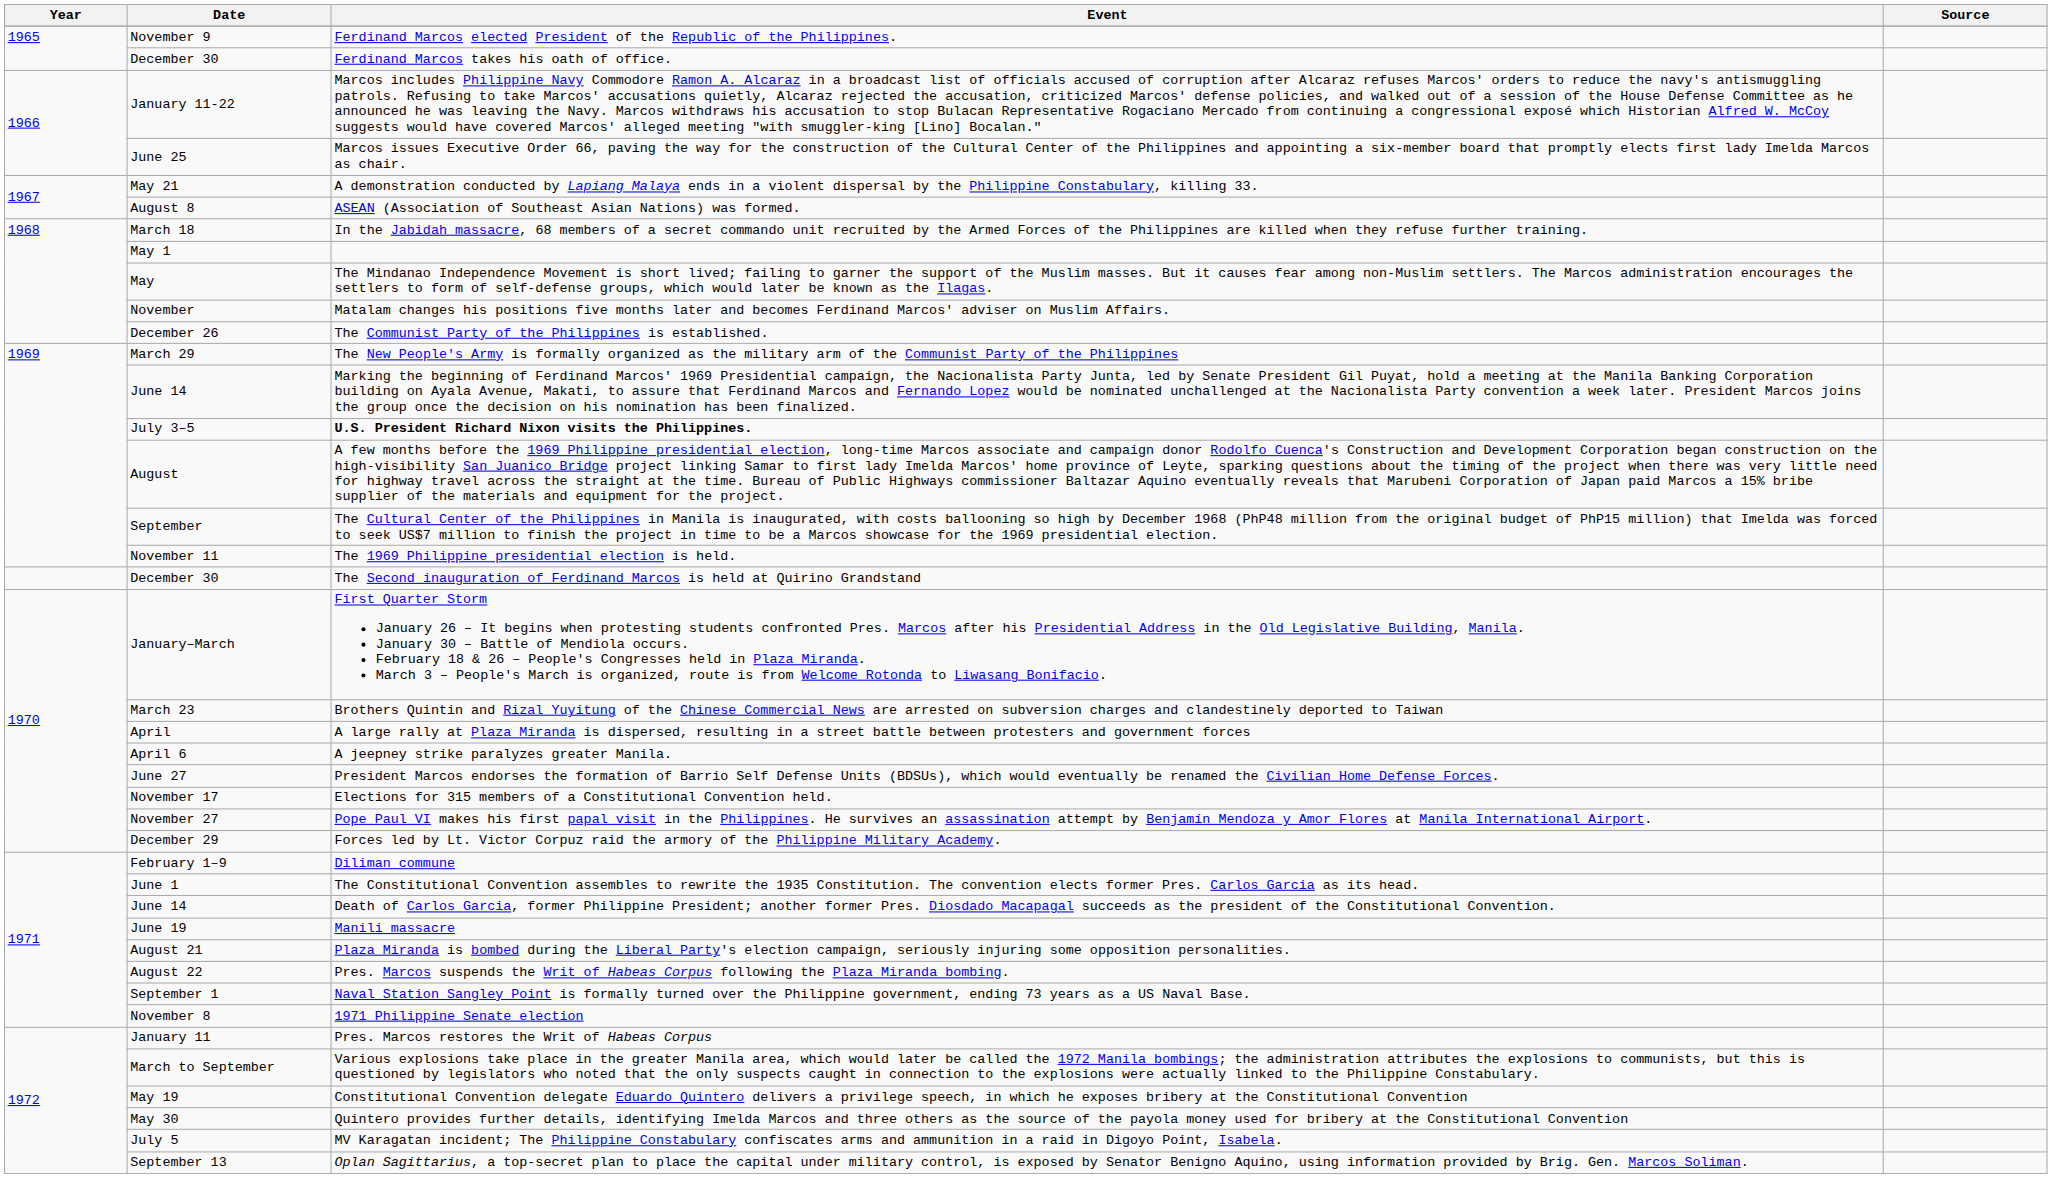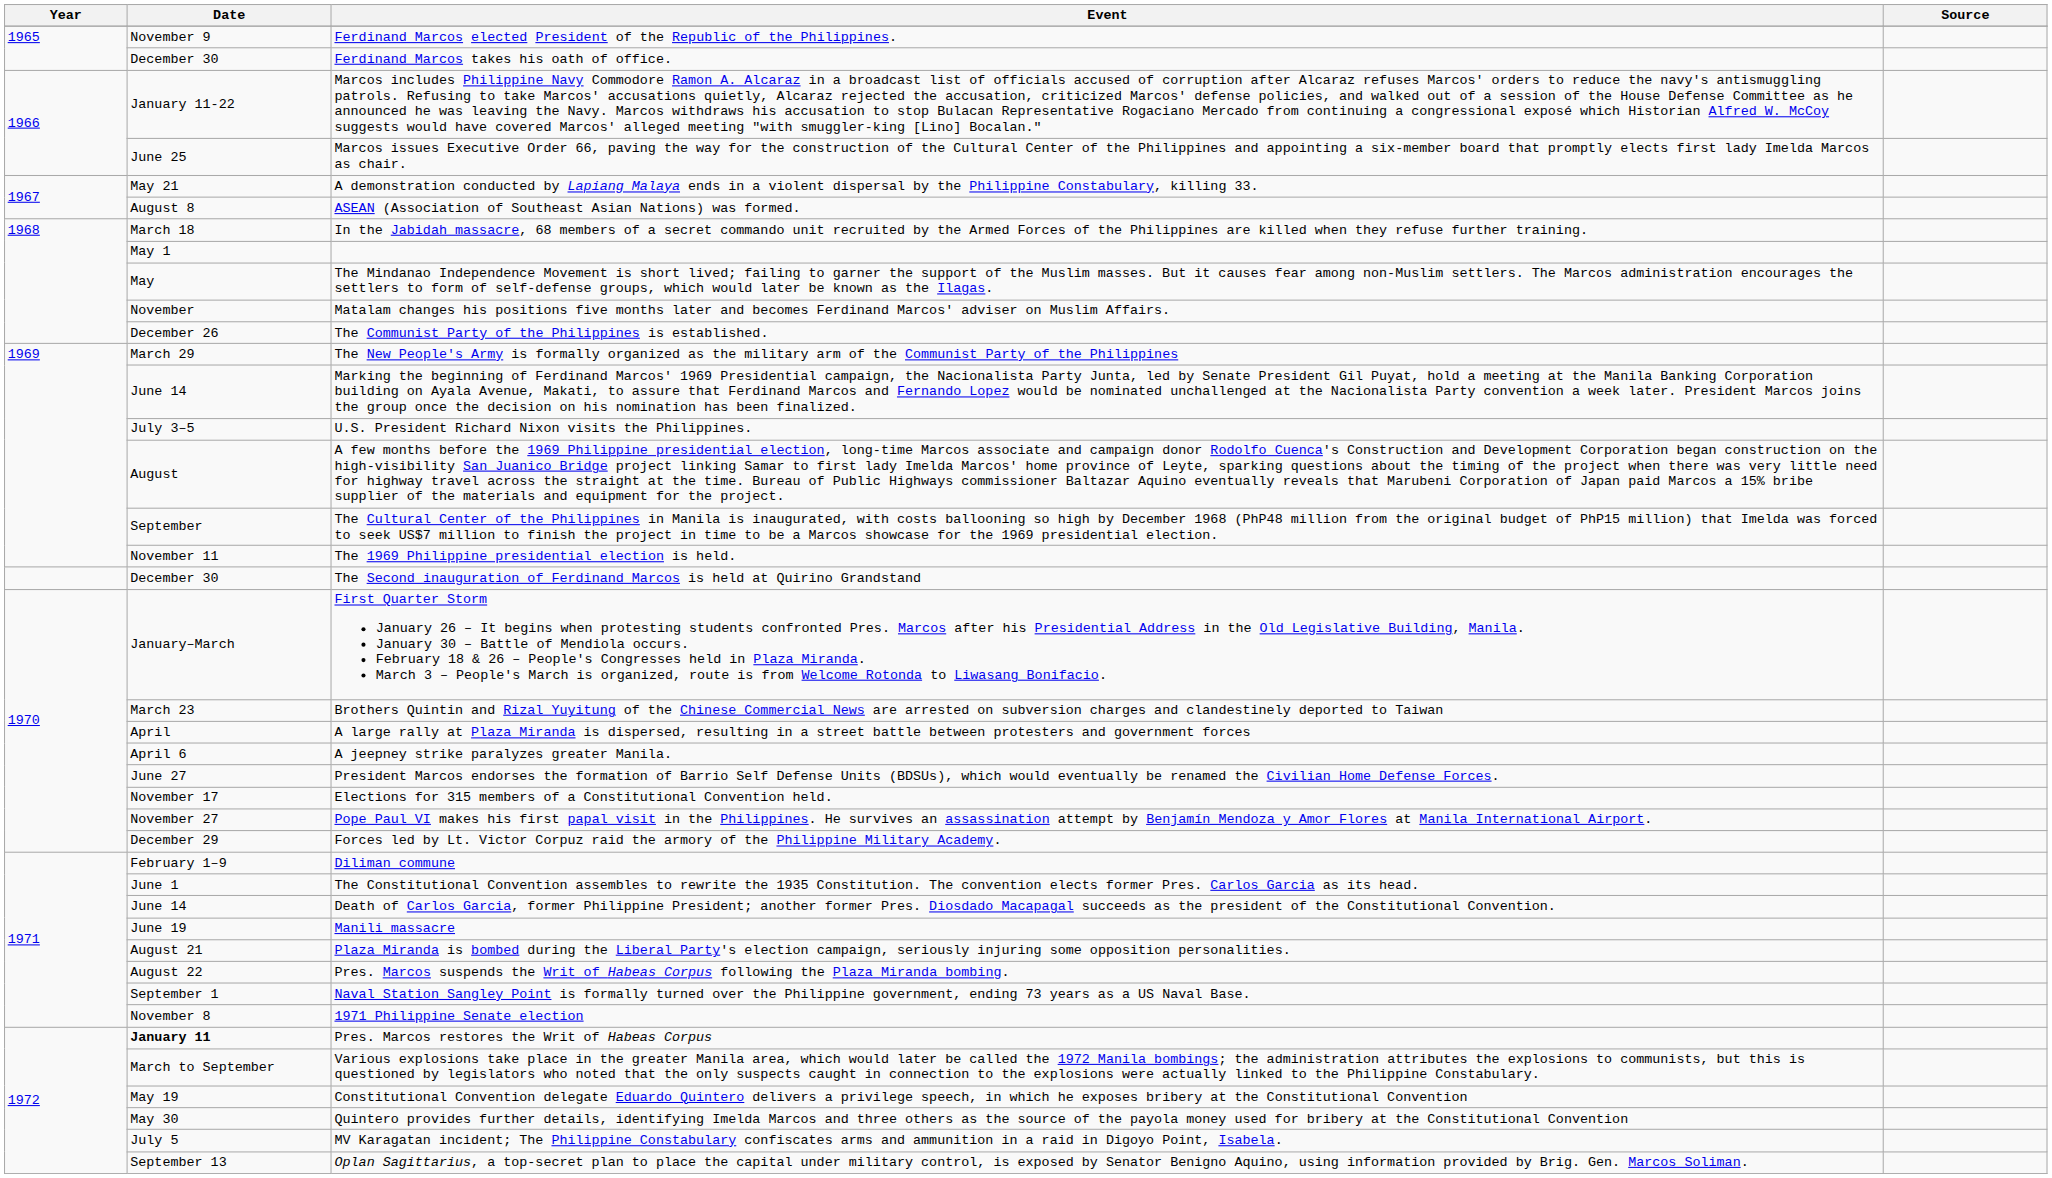 <table class="wikitable" width="100%">
 <tr>
 <th style="width:6%">Year</th>
 <th style="width:10%">Date</th>
 <th>Event</th>
 <th style="width:8%">Source</th>
 </tr>
 <tr>
 </tr>
 <tr>
 <td rowspan="2" valign="top"><a href='#'>1965</a></td>
 <td>November 9</td>
 <td><a href='#'>Ferdinand Marcos</a> <a href='#'>elected</a> <a href='#'>President</a> of the <a href='#'>Republic of the Philippines</a>.</td>
 <td></td>
 </tr>
 <tr>
 <td>December 30</td>
 <td><a href='#'>Ferdinand Marcos</a> takes his oath of office.</td>
 <td></td>
 </tr>
 <tr>
 <td rowspan="2"><a href='#'>1966</a></td>
 <td>January 11-22</td>
 <td>Marcos includes <a href='#'>Philippine Navy</a> Commodore <a href='#'>Ramon A. Alcaraz</a> in a broadcast list of officials accused of corruption after Alcaraz refuses Marcos' orders to reduce the navy's antismuggling patrols.  Refusing to take Marcos' accusations quietly, Alcaraz rejected the accusation, criticized Marcos' defense policies, and walked out of a session of the House Defense Committee as he announced he was leaving the Navy.  Marcos withdraws his accusation to stop Bulacan Representative Rogaciano Mercado from continuing a congressional exposé which Historian <a href='#'>Alfred W. McCoy</a> suggests would have covered Marcos' alleged meeting "with smuggler-king [Lino] Bocalan."</td>
 <td></td>
 </tr>
 <tr>
 <td>June 25</td>
 <td>Marcos issues Executive Order 66, paving the way for the construction of the Cultural Center of the Philippines and appointing a six-member board that promptly elects first lady Imelda Marcos as chair.</td>
 <td></td>
 </tr>
 <tr>
 <td rowspan="2"><a href='#'>1967</a></td>
 <td>May 21</td>
 <td>A demonstration conducted by <em><a href='#'>Lapiang Malaya</a></em> ends in a violent dispersal by the <a href='#'>Philippine Constabulary</a>, killing 33.</td>
 <td></td>
 </tr>
 <tr>
 <td>August 8</td>
 <td><a href='#'>ASEAN</a> (Association of Southeast Asian Nations) was formed.</td>
 <td></td>
 </tr>
 <tr>
 <td rowspan="5" valign="top"><a href='#'>1968</a></td>
 <td>March 18</td>
 <td>In the <a href='#'>Jabidah massacre</a>, 68 members of a secret commando unit recruited by the Armed Forces of the Philippines are killed when they refuse further training.</td>
 <td></td>
 </tr>
 <tr>
 <td>May 1</td>
 <td Two months after the ></td>
 </tr>
 <tr>
 <td>May</td>
 <td>The Mindanao Independence Movement is short lived; failing to garner the support of the Muslim masses. But it causes fear among non-Muslim settlers. The Marcos administration encourages the settlers to form of self-defense groups, which would later be known as the <a href='#'>Ilagas</a>.</td>
 <td></td>
 </tr>
 <tr>
 <td>November</td>
 <td>Matalam changes his positions five months later and becomes Ferdinand Marcos' adviser on Muslim Affairs.</td>
 <td></td>
 </tr>
 <tr>
 <td>December 26</td>
 <td>The <a href='#'>Communist Party of the Philippines</a> is established.</td>
 <td><br></td>
 </tr>
 <tr>
 <td rowspan="6" valign="top"><a href='#'>1969</a></td>
 <td>March 29</td>
 <td>The <a href='#'>New People's Army</a> is formally organized as the military arm of the <a href='#'>Communist Party of the Philippines</a></td>
 <td><br></td>
 </tr>
 <tr>
 <td>June 14</td>
 <td>Marking the beginning of Ferdinand Marcos' 1969 Presidential campaign, the Nacionalista Party Junta, led by Senate President Gil Puyat, hold a meeting at the Manila Banking Corporation building on Ayala Avenue, Makati, to assure that Ferdinand Marcos and <a href='#'>Fernando Lopez</a> would be nominated unchallenged at the Nacionalista Party convention a week later. President Marcos joins the group once the decision on his nomination has been finalized.</td>
 <td></td>
 </tr>
 <tr>
 <td>July 3–5</td>
-<td><strong>U.S. President Richard Nixon visits the Philippines.</strong></td>
+<td>U.S. President Richard Nixon visits the Philippines.</td>
 <td></td>
 </tr>
 <tr>
 <td>August</td>
 <td>A few months before the <a href='#'>1969 Philippine presidential election</a>, long-time Marcos associate and campaign donor <a href='#'>Rodolfo Cuenca</a>'s Construction and Development Corporation began construction on the high-visibility <a href='#'>San Juanico Bridge</a> project linking Samar to first lady Imelda Marcos' home province of Leyte, sparking questions about the timing of the project when there was very little need for highway travel across the straight at the time. Bureau of Public Highways commissioner Baltazar Aquino eventually reveals that Marubeni Corporation of Japan paid Marcos a 15% bribe supplier of the materials and equipment for the project.</td>
 <td>  </td>
 </tr>
 <tr>
 <td>September</td>
 <td>The <a href='#'>Cultural Center of the Philippines</a> in Manila is inaugurated, with costs ballooning so high by December 1968 (PhP48 million from the original budget of PhP15 million) that Imelda was forced to seek US$7 million to finish the project in time to be a Marcos showcase for the 1969 presidential election.</td>
 <td><br></td>
 </tr>
 <tr>
 <td>November 11</td>
 <td>The <a href='#'>1969 Philippine presidential election</a> is held.</td>
 <td></td>
 </tr>
 <tr>
 <td></td>
 <td>December 30</td>
 <td>The <a href='#'>Second inauguration of Ferdinand Marcos</a> is held at Quirino Grandstand</td>
 <td></td>
 </tr>
 <tr>
 <td rowspan="8"><a href='#'>1970</a></td>
 <td>January–March</td>
 <td><a href='#'>First Quarter Storm</a><br><ul><li>January 26 – It begins when protesting students confronted Pres. <a href='#'>Marcos</a> after his <a href='#'>Presidential Address</a> in the <a href='#'>Old Legislative Building</a>, <a href='#'>Manila</a>.</li><li>January 30 – Battle of Mendiola occurs.</li><li>February 18 & 26 – People's Congresses held in <a href='#'>Plaza Miranda</a>.</li><li>March 3 – People's March is organized, route is from <a href='#'>Welcome Rotonda</a> to <a href='#'>Liwasang Bonifacio</a>.</li></ul></td>
 <td></td>
 </tr>
 <tr>
 <td>March 23</td>
 <td>Brothers Quintin and <a href='#'>Rizal Yuyitung</a> of the <a href='#'>Chinese Commercial News</a> are arrested on subversion charges and clandestinely deported to Taiwan</td>
 <td></td>
 </tr>
 <tr>
 <td>April</td>
 <td>A large rally at <a href='#'>Plaza Miranda</a> is dispersed, resulting in a street battle between protesters and government forces</td>
 <td></td>
 </tr>
 <tr>
 <td>April 6</td>
 <td>A jeepney strike paralyzes greater Manila.</td>
 <td></td>
 </tr>
 <tr>
 <td>June 27</td>
 <td>President Marcos endorses the formation of Barrio Self Defense Units (BDSUs), which would eventually be renamed the <a href='#'>Civilian Home Defense Forces</a>.</td>
 <td></td>
 </tr>
 <tr>
 <td>November 17</td>
 <td>Elections for 315 members of a Constitutional Convention held.</td>
 <td></td>
 </tr>
 <tr>
 <td>November 27</td>
 <td><a href='#'>Pope Paul VI</a> makes his first <a href='#'>papal visit</a> in the <a href='#'>Philippines</a>. He survives an <a href='#'>assassination</a> attempt by <a href='#'>Benjamín Mendoza y Amor Flores</a> at <a href='#'>Manila International Airport</a>.</td>
 <td></td>
 </tr>
 <tr>
 <td>December 29</td>
 <td>Forces led by Lt. Victor Corpuz raid the armory of the <a href='#'>Philippine Military Academy</a>.</td>
 <td></td>
 </tr>
 <tr>
 <td rowspan="8"><a href='#'>1971</a></td>
 <td>February 1–9</td>
 <td><a href='#'>Diliman commune</a></td>
 <td></td>
 </tr>
 <tr>
 <td>June 1</td>
 <td>The Constitutional Convention assembles to rewrite the 1935 Constitution. The convention elects former Pres. <a href='#'>Carlos Garcia</a> as its head.</td>
 <td><br></td>
 </tr>
 <tr>
 <td>June 14</td>
 <td>Death of <a href='#'>Carlos Garcia</a>, former Philippine President; another former Pres. <a href='#'>Diosdado Macapagal</a> succeeds as the president of the Constitutional Convention.</td>
 <td></td>
 </tr>
 <tr>
 <td>June 19</td>
 <td><a href='#'>Manili massacre</a></td>
 <td></td>
 </tr>
 <tr>
 <td>August 21</td>
 <td><a href='#'>Plaza Miranda</a> is <a href='#'>bombed</a> during the <a href='#'>Liberal Party</a>'s election campaign, seriously injuring some opposition personalities.</td>
 <td></td>
 </tr>
 <tr>
 <td>August 22</td>
 <td>Pres. <a href='#'>Marcos</a> suspends the <a href='#'>Writ of <em>Habeas Corpus</em></a> following the <a href='#'>Plaza Miranda bombing</a>.</td>
 <td></td>
 </tr>
 <tr>
 <td>September 1</td>
 <td><a href='#'>Naval Station Sangley Point</a> is formally turned over the Philippine government, ending 73 years as a US Naval Base.</td>
 <td></td>
 </tr>
 <tr>
 <td>November 8</td>
 <td><a href='#'>1971 Philippine Senate election</a></td>
 <td></td>
 </tr>
 <tr>
 <td rowspan="6"><a href='#'>1972</a></td>
-<td>January 11</td>
+<td><strong>January 11</strong></td>
 <td>Pres. Marcos restores the Writ of <em>Habeas Corpus</em></td>
 <td></td>
 </tr>
 <tr>
 <td>March to September</td>
 <td>Various explosions take place in the greater Manila area, which would later be called the <a href='#'>1972 Manila bombings</a>; the administration attributes the explosions to communists, but this is questioned by legislators who noted that the only suspects caught in connection to the explosions were actually linked to the Philippine Constabulary.</td>
 <td></td>
 </tr>
 <tr>
 <td>May 19</td>
 <td>Constitutional Convention delegate <a href='#'>Eduardo Quintero</a> delivers a privilege speech, in which he exposes bribery at the Constitutional Convention</td>
 <td></td>
 </tr>
 <tr>
 <td>May 30</td>
 <td>Quintero provides further details, identifying Imelda Marcos and three others as the source of the payola money used for bribery at the Constitutional Convention</td>
 <td></td>
 </tr>
 <tr>
 <td>July 5</td>
 <td>MV Karagatan incident; The <a href='#'>Philippine Constabulary</a> confiscates arms and ammunition in a raid in Digoyo Point, <a href='#'>Isabela</a>.</td>
 <td></td>
 </tr>
 <tr>
 <td>September 13</td>
 <td><em>Oplan Sagittarius</em>, a top-secret plan to place the capital under military control, is exposed by Senator Benigno Aquino, using information provided by Brig. Gen. <a href='#'>Marcos Soliman</a>.</td>
 <td></td>
 </tr>
 </table>
